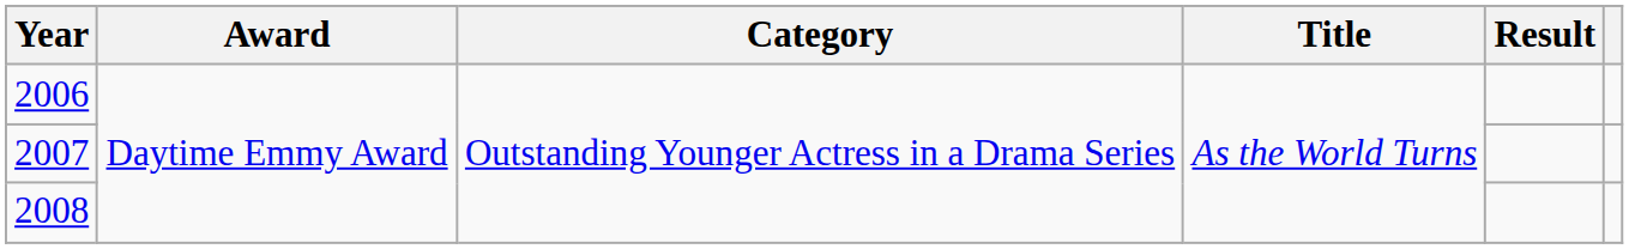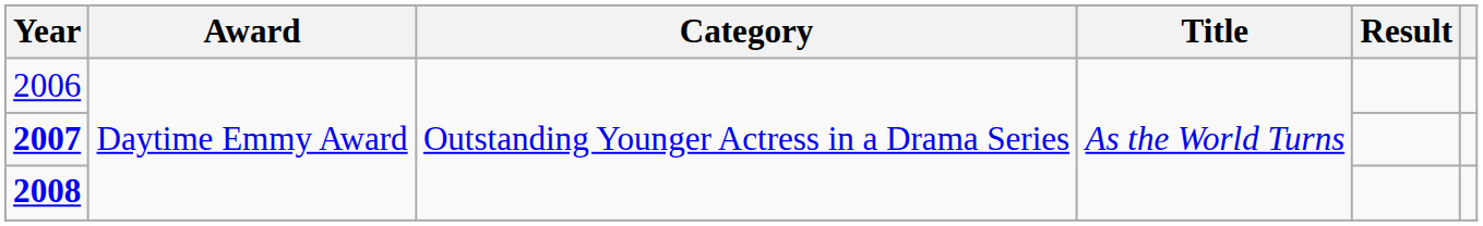 <table class="wikitable sortable plainrowheaders">
 <tr>
 <th scope="col">Year</th>
 <th scope="col">Award</th>
 <th scope="col">Category</th>
 <th scope="col">Title</th>
 <th scope="col">Result</th>
 <th scope="col" class="unsortable"></th>
 </tr>
 <tr>
 <td align="center"><a href='#'>2006</a></td>
 <td rowspan="3"><a href='#'>Daytime Emmy Award</a></td>
 <td rowspan="3"><a href='#'>Outstanding Younger Actress in a Drama Series</a></td>
 <td rowspan="3"><em><a href='#'>As the World Turns</a></em></td>
 <td></td>
 <td align="center"></td>
 </tr>
 <tr>
-<td align="center"><a href='#'>2007</a></td>
+<td align="center"><strong><a href='#'>2007</a></strong></td>
 <td></td>
 <td align="center"></td>
 </tr>
 <tr>
-<td align="center"><a href='#'>2008</a></td>
+<td align="center"><strong><a href='#'>2008</a></strong></td>
 <td></td>
 <td align="center"></td>
 </tr>
 </table>
